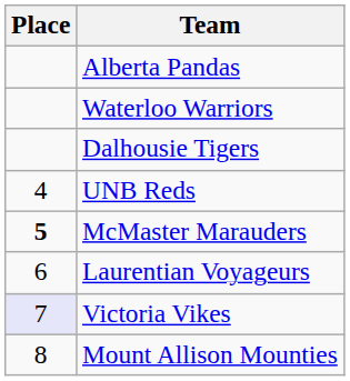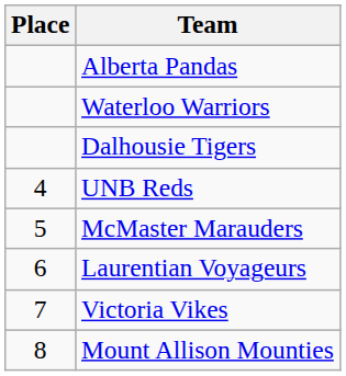 <table class="wikitable">
 <tr>
 <th>Place</th>
 <th>Team</th>
 </tr>
 <tr>
 <td align=center></td>
 <td> <a href='#'>Alberta Pandas</a></td>
 </tr>
 <tr>
 <td align=center></td>
 <td> <a href='#'>Waterloo Warriors</a></td>
 </tr>
 <tr>
 <td align=center></td>
 <td> <a href='#'>Dalhousie Tigers</a></td>
 </tr>
 <tr>
 <td align=center>4</td>
 <td> <a href='#'>UNB Reds</a></td>
 </tr>
 <tr>
-<td align=center><strong>5</strong></td>
+<td align=center>5</td>
 <td> <a href='#'>McMaster Marauders</a></td>
 </tr>
 <tr>
 <td align=center>6</td>
 <td> <a href='#'>Laurentian Voyageurs</a></td>
 </tr>
 <tr>
-<td align=center style="background: lavender;">7</td>
+<td align=center>7</td>
 <td> <a href='#'>Victoria Vikes</a></td>
 </tr>
 <tr>
 <td align=center>8</td>
 <td> <a href='#'>Mount Allison Mounties</a></td>
 </tr>
 </table>
